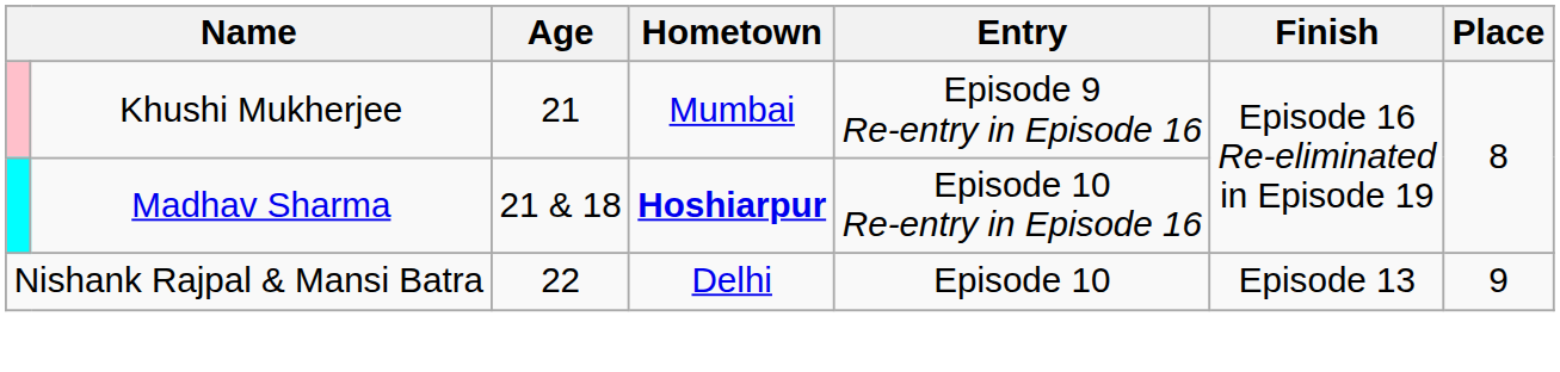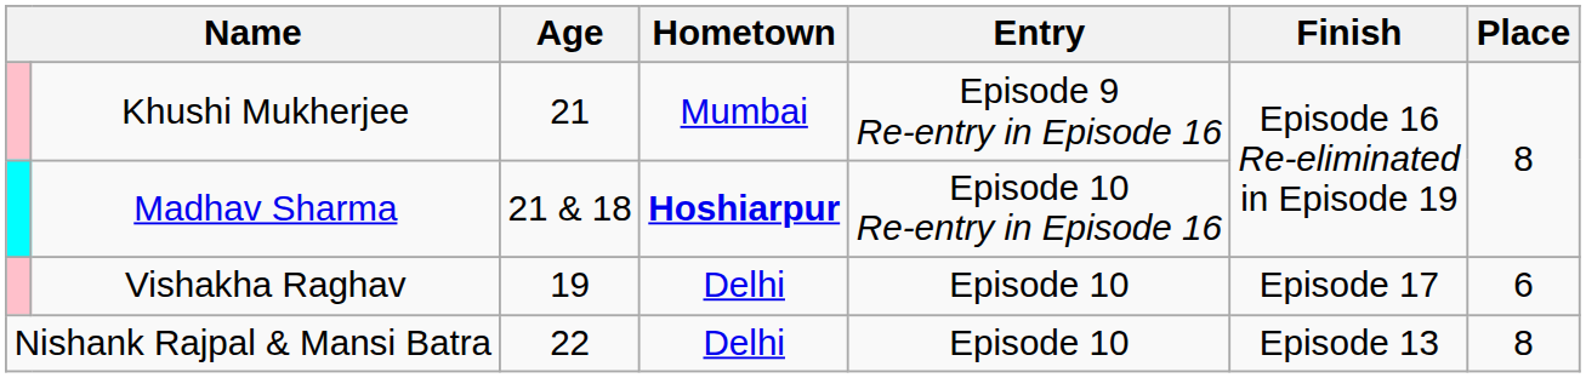 <table class="wikitable sortable" style="text-align:center">
 <tr>
 <th colspan="2">Name</th>
 <th>Age</th>
 <th>Hometown</th>
 <th>Entry</th>
 <th>Finish</th>
 <th>Place</th>
 </tr>
 <tr>
 <td style="background:pink;"></td>
 <td>Khushi Mukherjee</td>
 <td>21</td>
 <td><a href='#'>Mumbai</a></td>
 <td>Episode 9<br><em>Re-entry in Episode 16</em></td>
 <td rowspan="2">Episode 16<br><em>Re-eliminated</em><br>in Episode 19</td>
 <td rowspan="2">8</td>
 </tr>
 <tr>
 <td style="background:cyan"></td>
 <td><a href='#'>Madhav Sharma</a></td>
 <td>21 & 18</td>
 <td><strong><a href='#'>Hoshiarpur</a></strong></td>
 <td>Episode 10<br><em>Re-entry in Episode 16</em></td>
 </tr>
 <tr>
+<td style="background:pink;"></td>
+<td>Vishakha Raghav</td>
+<td>19</td>
+<td><a href='#'>Delhi</a></td>
+<td>Episode 10</td>
+<td>Episode 17</td>
+<td>6</td>
+</tr>
+<tr>
 <td colspan="2">Nishank Rajpal & Mansi Batra</td>
 <td>22</td>
 <td><a href='#'>Delhi</a></td>
 <td>Episode 10</td>
 <td>Episode 13</td>
-<td>9</td>
+<td>8</td>
 </tr>
 </table>
